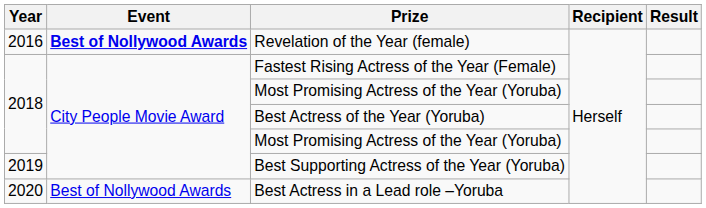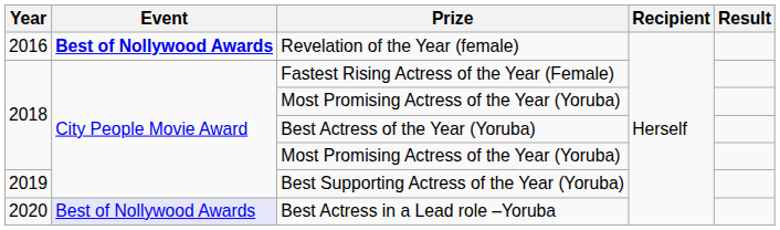 <table class="wikitable">
 <tr>
 <th>Year</th>
 <th>Event</th>
 <th>Prize</th>
 <th>Recipient</th>
 <th>Result</th>
 </tr>
 <tr>
 <td>2016</td>
 <td><strong><a href='#'>Best of Nollywood Awards</a></strong></td>
 <td>Revelation of the Year (female)</td>
 <td rowspan="7">Herself</td>
 <td></td>
 </tr>
 <tr>
 <td rowspan="4">2018</td>
 <td rowspan="5"><a href='#'>City People Movie Award</a></td>
 <td>Fastest Rising Actress of the Year (Female)</td>
 <td></td>
 </tr>
 <tr>
 <td>Most Promising Actress of the Year (Yoruba)</td>
 <td></td>
 </tr>
 <tr>
 <td>Best Actress of the Year (Yoruba)</td>
 <td></td>
 </tr>
 <tr>
 <td>Most Promising Actress of the Year (Yoruba)</td>
 <td></td>
 </tr>
 <tr>
 <td>2019</td>
 <td>Best Supporting Actress of the Year (Yoruba)</td>
 <td></td>
 </tr>
 <tr>
 <td>2020</td>
-<td><a href='#'>Best of Nollywood Awards</a></td>
+<td style="background: lavender;"><a href='#'>Best of Nollywood Awards</a></td>
 <td>Best Actress in a Lead role –Yoruba</td>
 <td></td>
 </tr>
 </table>
